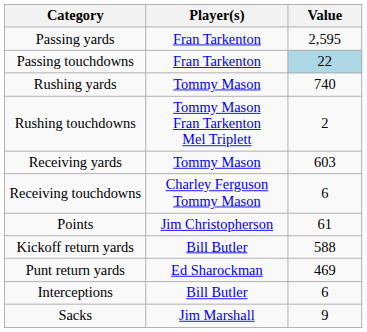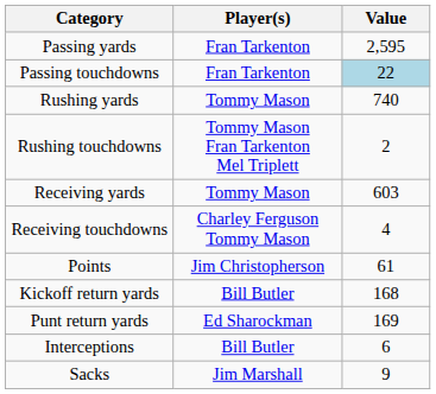 <table class="wikitable" style="text-align:center">
 <tr>
 <th width=150px>Category</th>
 <th width=150px>Player(s)</th>
 <th width=75px>Value</th>
 </tr>
 <tr>
 <td>Passing yards</td>
 <td><a href='#'>Fran Tarkenton</a></td>
 <td>2,595</td>
 </tr>
 <tr>
 <td>Passing touchdowns</td>
 <td><a href='#'>Fran Tarkenton</a></td>
 <td style="background: lightblue;">22</td>
 </tr>
 <tr>
 <td>Rushing yards</td>
 <td><a href='#'>Tommy Mason</a></td>
 <td>740</td>
 </tr>
 <tr>
 <td>Rushing touchdowns</td>
 <td><a href='#'>Tommy Mason</a><br><a href='#'>Fran Tarkenton</a><br><a href='#'>Mel Triplett</a></td>
 <td>2</td>
 </tr>
 <tr>
 <td>Receiving yards</td>
 <td><a href='#'>Tommy Mason</a></td>
 <td>603</td>
 </tr>
 <tr>
 <td>Receiving touchdowns</td>
 <td><a href='#'>Charley Ferguson</a><br><a href='#'>Tommy Mason</a></td>
-<td>6</td>
+<td>4</td>
 </tr>
 <tr>
 <td>Points</td>
 <td><a href='#'>Jim Christopherson</a></td>
 <td>61</td>
 </tr>
 <tr>
 <td>Kickoff return yards</td>
 <td><a href='#'>Bill Butler</a></td>
-<td>588</td>
+<td>168</td>
 </tr>
 <tr>
 <td>Punt return yards</td>
 <td><a href='#'>Ed Sharockman</a></td>
-<td>469</td>
+<td>169</td>
 </tr>
 <tr>
 <td>Interceptions</td>
 <td><a href='#'>Bill Butler</a></td>
 <td>6</td>
 </tr>
 <tr>
 <td>Sacks</td>
 <td><a href='#'>Jim Marshall</a></td>
 <td>9</td>
 </tr>
 </table>
